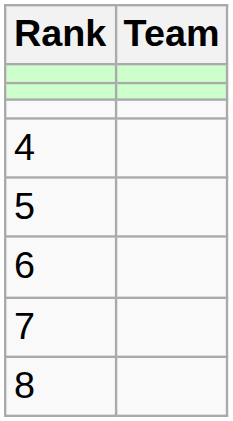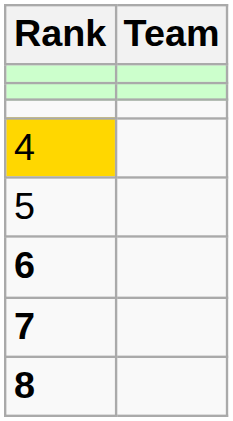 <table class="wikitable">
 <tr>
 <th>Rank</th>
 <th>Team</th>
 </tr>
 <tr bgcolor="#ccffcc">
 <td></td>
 <td></td>
 </tr>
 <tr bgcolor="#ccffcc">
 <td></td>
 <td></td>
 </tr>
 <tr>
 <td></td>
 <td></td>
 </tr>
 <tr>
-<td>4</td>
+<td style="background: gold;">4</td>
 <td></td>
 </tr>
 <tr>
 <td>5</td>
 <td></td>
 </tr>
 <tr>
-<td>6</td>
+<td><strong>6</strong></td>
 <td></td>
 </tr>
 <tr>
-<td>7</td>
+<td><strong>7</strong></td>
 <td></td>
 </tr>
 <tr>
-<td>8</td>
+<td><strong>8</strong></td>
 <td></td>
 </tr>
 </table>
